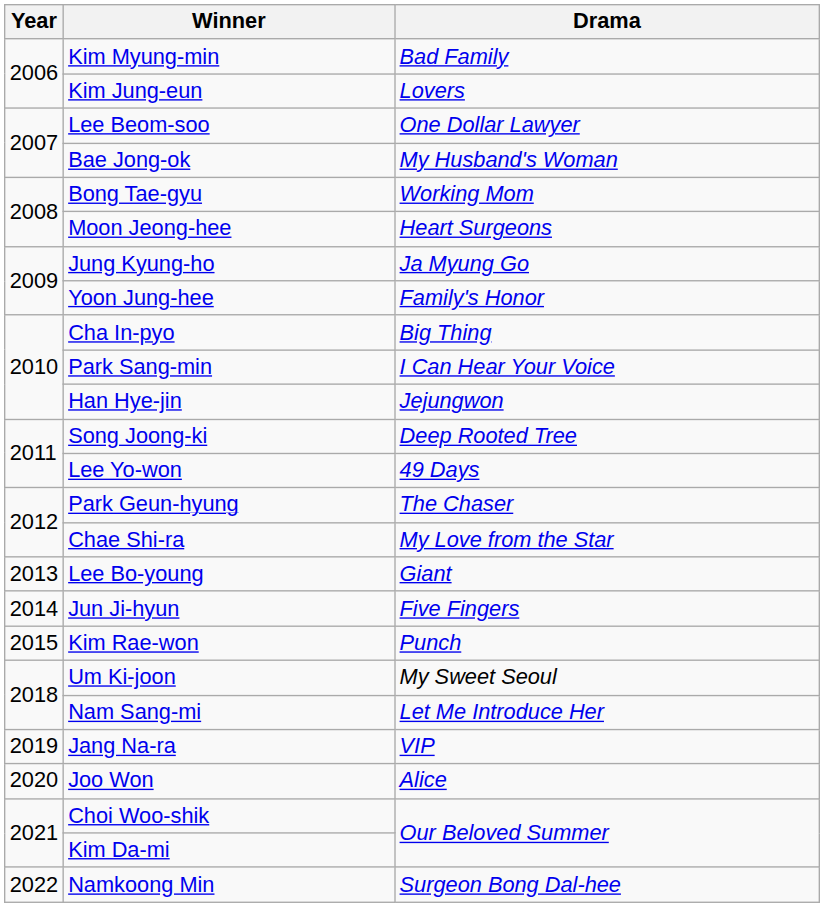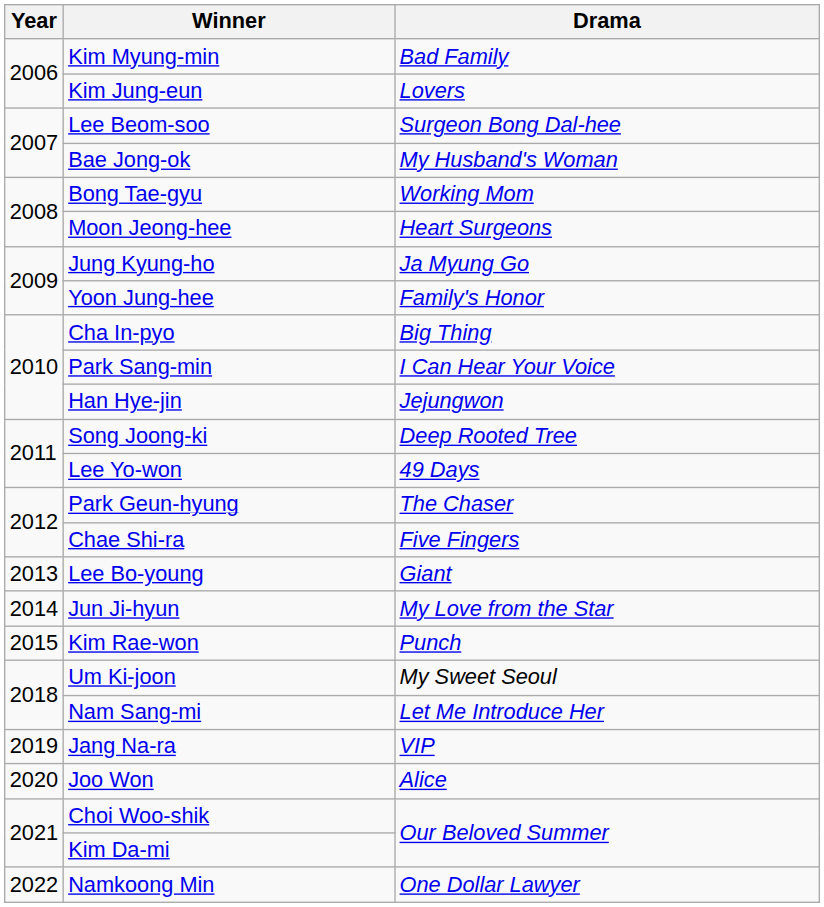 <table class="wikitable" style="width:600px">
 <tr>
 <th width=10>Year</th>
 <th>Winner</th>
 <th>Drama</th>
 </tr>
 <tr>
 <td rowspan=2>2006</td>
 <td><a href='#'>Kim Myung-min</a></td>
 <td><em><a href='#'>Bad Family</a></em></td>
 </tr>
 <tr>
 <td><a href='#'>Kim Jung-eun</a></td>
 <td><em><a href='#'>Lovers</a></em></td>
 </tr>
 <tr>
 <td rowspan=2>2007</td>
 <td><a href='#'>Lee Beom-soo</a></td>
-<td><em><a href='#'>One Dollar Lawyer</a></em></td>
+<td><em><a href='#'>Surgeon Bong Dal-hee</a></em></td>
 </tr>
 <tr>
 <td><a href='#'>Bae Jong-ok</a></td>
 <td><em><a href='#'>My Husband's Woman</a></em></td>
 </tr>
 <tr>
 <td rowspan=2>2008</td>
 <td><a href='#'>Bong Tae-gyu</a></td>
 <td><em><a href='#'>Working Mom</a></em></td>
 </tr>
 <tr>
 <td><a href='#'>Moon Jeong-hee</a></td>
 <td><em><a href='#'>Heart Surgeons</a></em></td>
 </tr>
 <tr>
 <td rowspan=2>2009</td>
 <td><a href='#'>Jung Kyung-ho</a></td>
 <td><em><a href='#'>Ja Myung Go</a></em></td>
 </tr>
 <tr>
 <td><a href='#'>Yoon Jung-hee</a></td>
 <td><em><a href='#'>Family's Honor</a></em></td>
 </tr>
 <tr>
 <td rowspan=3>2010</td>
 <td><a href='#'>Cha In-pyo</a></td>
 <td><em><a href='#'>Big Thing</a></em></td>
 </tr>
 <tr>
 <td><a href='#'>Park Sang-min</a></td>
 <td><em><a href='#'>I Can Hear Your Voice</a></em></td>
 </tr>
 <tr>
 <td><a href='#'>Han Hye-jin</a></td>
 <td><em><a href='#'>Jejungwon</a></em></td>
 </tr>
 <tr>
 <td rowspan=2>2011</td>
 <td><a href='#'>Song Joong-ki</a></td>
 <td><em><a href='#'>Deep Rooted Tree</a></em></td>
 </tr>
 <tr>
 <td><a href='#'>Lee Yo-won</a></td>
 <td><em><a href='#'>49 Days</a></em></td>
 </tr>
 <tr>
 <td rowspan=2>2012</td>
 <td><a href='#'>Park Geun-hyung</a></td>
 <td><em><a href='#'>The Chaser</a></em></td>
 </tr>
 <tr>
 <td><a href='#'>Chae Shi-ra</a></td>
-<td><em><a href='#'>My Love from the Star</a></em></td>
+<td><em><a href='#'>Five Fingers</a></em></td>
 </tr>
 <tr>
 <td>2013</td>
 <td><a href='#'>Lee Bo-young</a></td>
 <td><em><a href='#'>Giant</a></em></td>
 </tr>
 <tr>
 <td>2014</td>
 <td><a href='#'>Jun Ji-hyun</a></td>
-<td><em><a href='#'>Five Fingers</a></em></td>
+<td><em><a href='#'>My Love from the Star</a></em></td>
 </tr>
 <tr>
 <td>2015</td>
 <td><a href='#'>Kim Rae-won</a></td>
 <td><em><a href='#'>Punch</a></em></td>
 </tr>
 <tr>
 <td rowspan=2>2018</td>
 <td><a href='#'>Um Ki-joon</a></td>
 <td><em>My Sweet Seoul</em></td>
 </tr>
 <tr>
 <td><a href='#'>Nam Sang-mi</a></td>
 <td><em><a href='#'>Let Me Introduce Her</a></em></td>
 </tr>
 <tr>
 <td>2019</td>
 <td><a href='#'>Jang Na-ra</a></td>
 <td><em><a href='#'>VIP</a></em></td>
 </tr>
 <tr>
 <td>2020</td>
 <td><a href='#'>Joo Won</a></td>
 <td><em><a href='#'>Alice</a></em></td>
 </tr>
 <tr>
 <td rowspan=2>2021</td>
 <td><a href='#'>Choi Woo-shik</a></td>
 <td rowspan=2><em><a href='#'>Our Beloved Summer</a></em></td>
 </tr>
 <tr>
 <td><a href='#'>Kim Da-mi</a></td>
 </tr>
 <tr>
 <td>2022</td>
 <td><a href='#'>Namkoong Min</a></td>
-<td><em><a href='#'>Surgeon Bong Dal-hee</a></em></td>
+<td><em><a href='#'>One Dollar Lawyer</a></em></td>
 </tr>
 </table>
